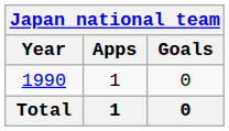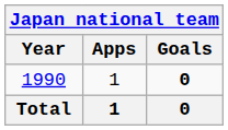 <table class="wikitable" style="text-align:center">
 <tr>
 <th colspan=3><a href='#'>Japan national team</a></th>
 </tr>
 <tr>
 <th>Year</th>
 <th>Apps</th>
 <th>Goals</th>
 </tr>
 <tr>
 <td><a href='#'>1990</a></td>
 <td>1</td>
-<td>0</td>
+<td><strong>0</strong></td>
 </tr>
 <tr>
 <th>Total</th>
 <th>1</th>
 <th>0</th>
 </tr>
 </table>
